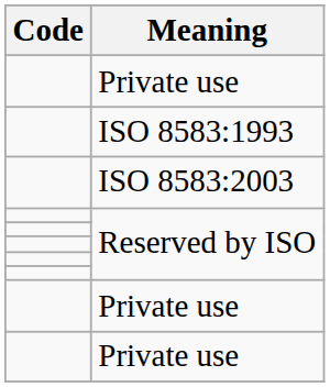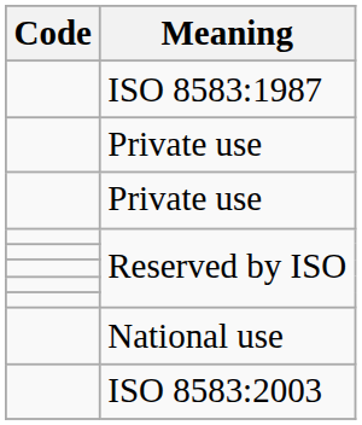 <table class="wikitable">
 <tr>
 <th>Code</th>
 <th>Meaning</th>
 </tr>
 <tr>
 <td></td>
+<td>ISO 8583:1987</td>
+</tr>
+<tr>
+<td></td>
 <td>Private use</td>
 </tr>
 <tr>
 <td></td>
-<td>ISO 8583:1993</td>
-</tr>
-<tr>
-<td></td>
-<td>ISO 8583:2003</td>
+<td>Private use</td>
 </tr>
 <tr>
 <td></td>
 <td rowspan=5>Reserved by ISO</td>
 </tr>
 <tr>
 <td></td>
 </tr>
 <tr>
 <td></td>
 </tr>
 <tr>
 <td></td>
 </tr>
 <tr>
 <td></td>
 </tr>
 <tr>
 <td></td>
-<td>Private use</td>
+<td>National use</td>
 </tr>
 <tr>
 <td></td>
-<td>Private use</td>
+<td>ISO 8583:2003</td>
 </tr>
 </table>
